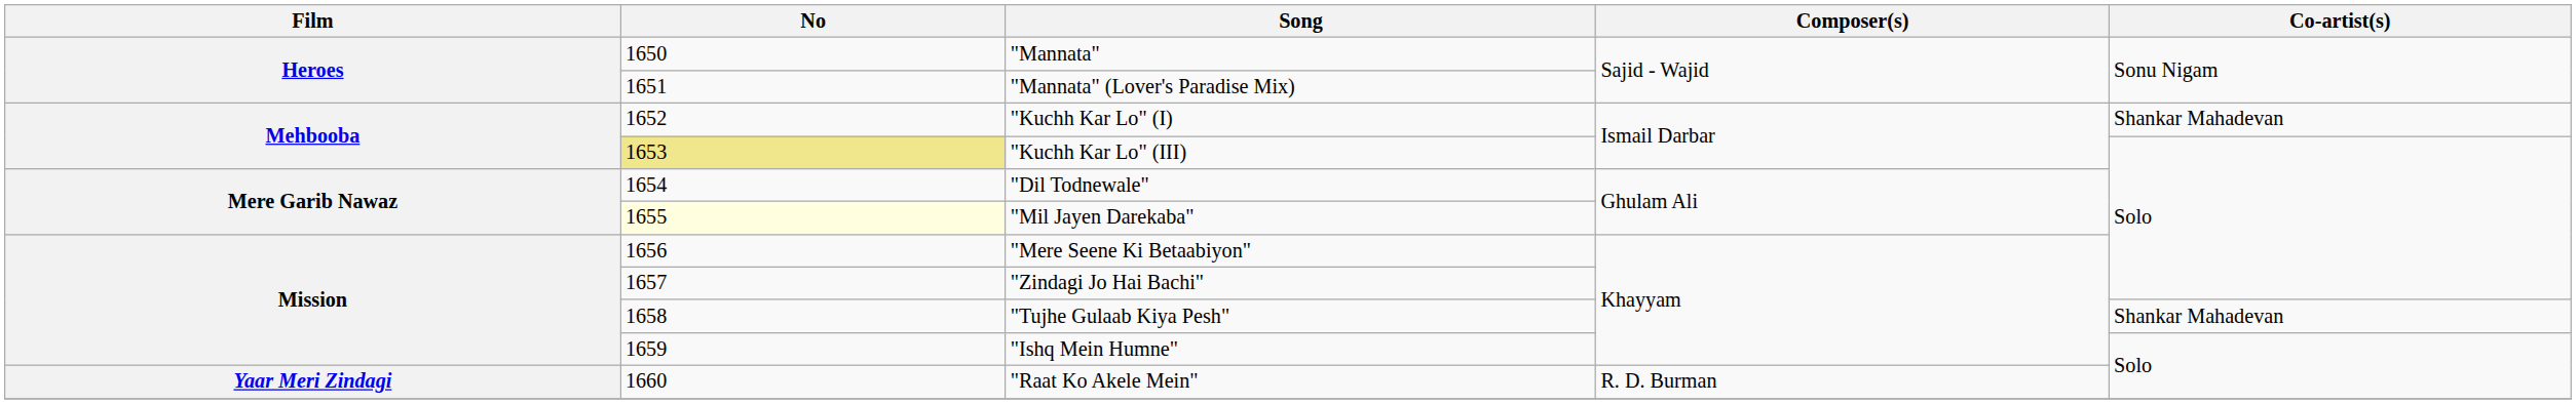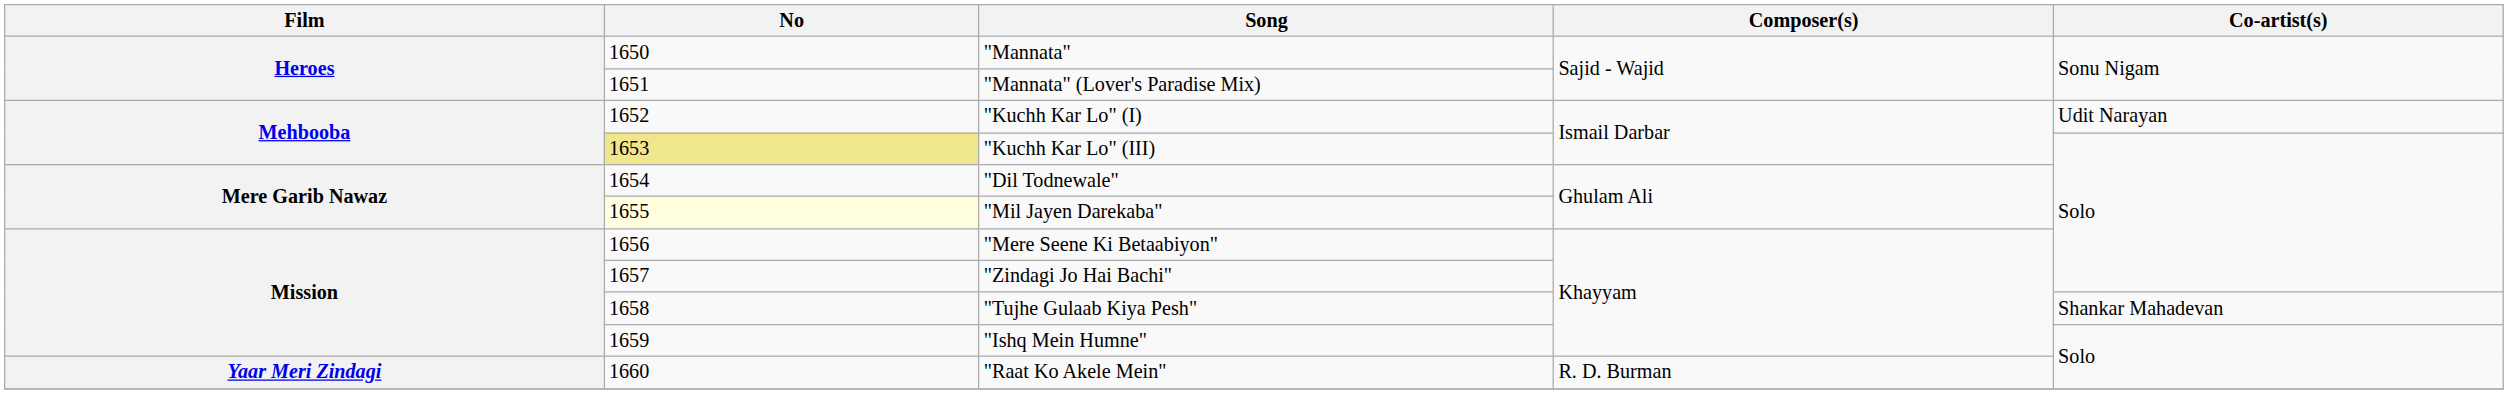 <table class="wikitable plainrowheaders" style="width:100%; textcolor:#000">
 <tr>
 <th scope="col" style="width:24%;">Film</th>
 <th>No</th>
 <th scope="col" style="width:23%;">Song</th>
 <th scope="col" style="width:20%;">Composer(s)</th>
 <th scope="col" style="width:18%;">Co-artist(s)</th>
 </tr>
 <tr>
 <th rowspan=2><a href='#'>Heroes</a></th>
 <td>1650</td>
 <td>"Mannata"</td>
 <td rowspan=2>Sajid - Wajid</td>
 <td rowspan=2>Sonu Nigam</td>
 </tr>
 <tr>
 <td>1651</td>
 <td>"Mannata" (Lover's Paradise Mix)</td>
 </tr>
 <tr>
 <th rowspan=2><a href='#'>Mehbooba</a></th>
 <td>1652</td>
 <td>"Kuchh Kar Lo" (I)</td>
 <td rowspan=2>Ismail Darbar</td>
-<td>Shankar Mahadevan</td>
+<td>Udit Narayan</td>
 </tr>
 <tr>
 <td style="background: khaki;">1653</td>
 <td>"Kuchh Kar Lo" (III)</td>
 <td rowspan=5>Solo</td>
 </tr>
 <tr>
 <th rowspan=2>Mere Garib Nawaz</th>
 <td>1654</td>
 <td>"Dil Todnewale"</td>
 <td rowspan=2>Ghulam Ali</td>
 </tr>
 <tr>
 <td style="background: lightyellow;">1655</td>
 <td>"Mil Jayen Darekaba"</td>
 </tr>
 <tr>
 <th rowspan=4>Mission</th>
 <td>1656</td>
 <td>"Mere Seene Ki Betaabiyon"</td>
 <td rowspan=4>Khayyam</td>
 </tr>
 <tr>
 <td>1657</td>
 <td>"Zindagi Jo Hai Bachi"</td>
 </tr>
 <tr>
 <td>1658</td>
 <td>"Tujhe Gulaab Kiya Pesh"</td>
 <td>Shankar Mahadevan</td>
 </tr>
 <tr>
 <td>1659</td>
 <td>"Ishq Mein Humne"</td>
 <td rowspan=2>Solo</td>
 </tr>
 <tr>
 <th><em><a href='#'>Yaar Meri Zindagi</a></em></th>
 <td>1660</td>
 <td>"Raat Ko Akele Mein"</td>
 <td>R. D. Burman</td>
 </tr>
 <tr>
 </tr>
 </table>
